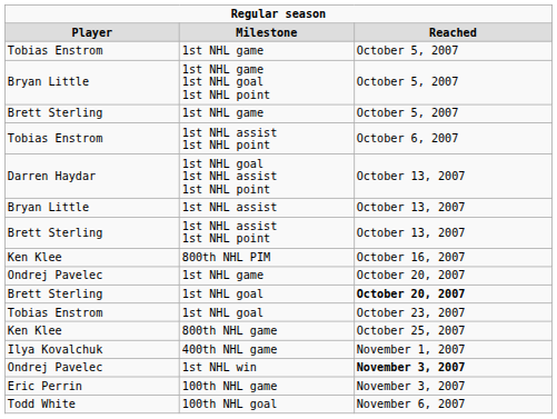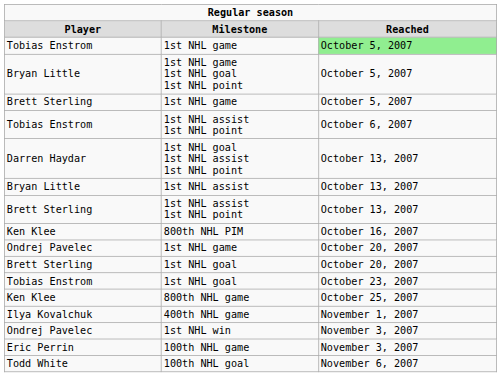 <table class="wikitable" width="50%">
 <tr>
 <td colspan="10" align="center"><strong>Regular season</strong></td>
 </tr>
 <tr align="center"  bgcolor="#dddddd">
 <td><strong>Player</strong></td>
 <td><strong>Milestone</strong></td>
 <td><strong>Reached</strong></td>
 </tr>
 <tr>
 <td>Tobias Enstrom</td>
 <td>1st NHL game</td>
-<td>October 5, 2007</td>
+<td style="background: lightgreen;">October 5, 2007</td>
 </tr>
 <tr>
 <td>Bryan Little</td>
 <td>1st NHL game<br>1st NHL goal<br>1st NHL point</td>
 <td>October 5, 2007</td>
 </tr>
 <tr>
 <td>Brett Sterling</td>
 <td>1st NHL game</td>
 <td>October 5, 2007</td>
 </tr>
 <tr>
 <td>Tobias Enstrom</td>
 <td>1st NHL assist<br>1st NHL point</td>
 <td>October 6, 2007</td>
 </tr>
 <tr>
 <td>Darren Haydar</td>
 <td>1st NHL goal<br>1st NHL assist<br>1st NHL point</td>
 <td>October 13, 2007</td>
 </tr>
 <tr>
 <td>Bryan Little</td>
 <td>1st NHL assist</td>
 <td>October 13, 2007</td>
 </tr>
 <tr>
 <td>Brett Sterling</td>
 <td>1st NHL assist<br>1st NHL point</td>
 <td>October 13, 2007</td>
 </tr>
 <tr>
 <td>Ken Klee</td>
 <td>800th NHL PIM</td>
 <td>October 16, 2007</td>
 </tr>
 <tr>
 <td>Ondrej Pavelec</td>
 <td>1st NHL game</td>
 <td>October 20, 2007</td>
 </tr>
 <tr>
 <td>Brett Sterling</td>
 <td>1st NHL goal</td>
-<td><strong>October 20, 2007</strong></td>
+<td>October 20, 2007</td>
 </tr>
 <tr>
 <td>Tobias Enstrom</td>
 <td>1st NHL goal</td>
 <td>October 23, 2007</td>
 </tr>
 <tr>
 <td>Ken Klee</td>
 <td>800th NHL game</td>
 <td>October 25, 2007</td>
 </tr>
 <tr>
 <td>Ilya Kovalchuk</td>
 <td>400th NHL game</td>
 <td>November 1, 2007</td>
 </tr>
 <tr>
 <td>Ondrej Pavelec</td>
 <td>1st NHL win</td>
-<td><strong>November 3, 2007</strong></td>
+<td>November 3, 2007</td>
 </tr>
 <tr>
 <td>Eric Perrin</td>
 <td>100th NHL game</td>
 <td>November 3, 2007</td>
 </tr>
 <tr>
 <td>Todd White</td>
 <td>100th NHL goal</td>
 <td>November 6, 2007</td>
 </tr>
 </table>
